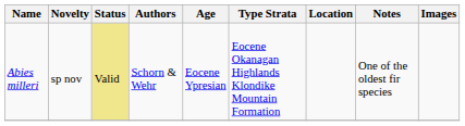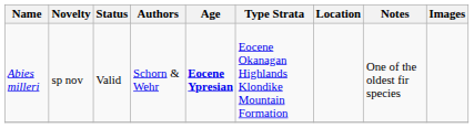 <table class="wikitable sortable" align="center" width="100%">
 <tr>
 <th>Name</th>
 <th>Novelty</th>
 <th>Status</th>
 <th>Authors</th>
 <th>Age</th>
 <th>Type Strata</th>
 <th>Location</th>
 <th>Notes</th>
 <th>Images</th>
 </tr>
 <tr>
 <td><br><em><a href='#'>Abies milleri</a></em></td>
 <td><br>sp nov</td>
-<td style="background: khaki;"><br>Valid</td>
+<td><br>Valid</td>
 <td><br><a href='#'>Schorn</a> & <a href='#'>Wehr</a></td>
-<td><br><a href='#'>Eocene</a><br><a href='#'>Ypresian</a></td>
+<td><strong><br><a href='#'>Eocene</a><br><a href='#'>Ypresian</a></strong></td>
 <td><br><a href='#'>Eocene Okanagan Highlands</a><br><a href='#'>Klondike Mountain Formation</a></td>
 <td><br></td>
 <td><br>One of the oldest fir species</td>
 <td><br></td>
 </tr>
 <tr>
 </tr>
 </table>
